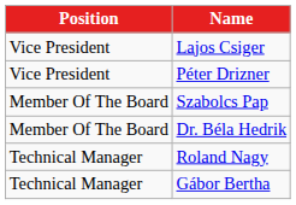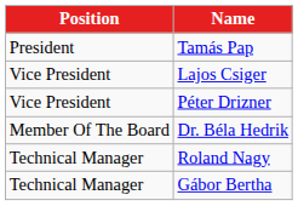 <table class="wikitable">
 <tr>
 <th style="color:#FFFFFF; background:#E62020">Position</th>
 <th style="color:#FFFFFF; background:#E62020">Name</th>
+</tr>
+<tr>
+<td>President</td>
+<td> <a href='#'>Tamás Pap</a></td>
 </tr>
 <tr>
 <td>Vice President</td>
 <td> <a href='#'>Lajos Csiger</a></td>
 </tr>
 <tr>
 <td>Vice President</td>
 <td> <a href='#'>Péter Drizner</a></td>
-</tr>
-<tr>
-<td>Member Of The Board</td>
-<td> <a href='#'>Szabolcs Pap</a></td>
 </tr>
 <tr>
 <td>Member Of The Board</td>
 <td> <a href='#'>Dr. Béla Hedrik</a></td>
 </tr>
 <tr>
 <td>Technical Manager</td>
 <td> <a href='#'>Roland Nagy</a></td>
 </tr>
 <tr>
 <td>Technical Manager</td>
 <td> <a href='#'>Gábor Bertha</a></td>
 </tr>
 </table>
